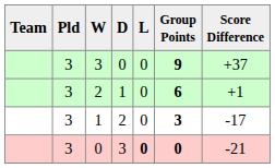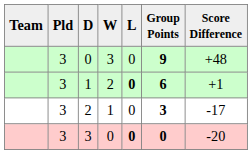 <table style=border-collapse:collapse border=1 cellspacing=0 cellpadding=5>
 <tr align=center bgcolor=#efefef>
 <th>Team</th>
 <th>Pld</th>
+<th>D</th>
 <th>W</th>
-<th>D</th>
 <th>L</th>
 <th><small>Group<br>Points</small></th>
 <th><small>Score<br>Difference</small></th>
 </tr>
 <tr align=center style="background:#cfc;">
 <td style="text-align:left;"> </td>
 <td>3</td>
+<td>0</td>
 <td>3</td>
 <td>0</td>
-<td>0</td>
 <td><strong>9</strong></td>
-<td>+37</td>
+<td>+48</td>
 </tr>
 <tr align=center style="background:#cfc;">
 <td style="text-align:left;"> </td>
 <td>3</td>
+<td>1</td>
 <td>2</td>
-<td>1</td>
-<td>0</td>
+<td><strong>0</strong></td>
 <td><strong>6</strong></td>
 <td>+1</td>
 </tr>
 <tr align=center style="background:#ffffff;">
 <td style="text-align:left;"> </td>
 <td>3</td>
+<td>2</td>
 <td>1</td>
-<td>2</td>
 <td>0</td>
 <td><strong>3</strong></td>
 <td>-17</td>
 </tr>
 <tr align=center style="background:#ffcccc;">
 <td style="text-align:left;"> </td>
 <td>3</td>
+<td>3</td>
 <td>0</td>
-<td>3</td>
 <td><strong>0</strong></td>
 <td><strong>0</strong></td>
-<td>-21</td>
+<td>-20</td>
 </tr>
 </table>
